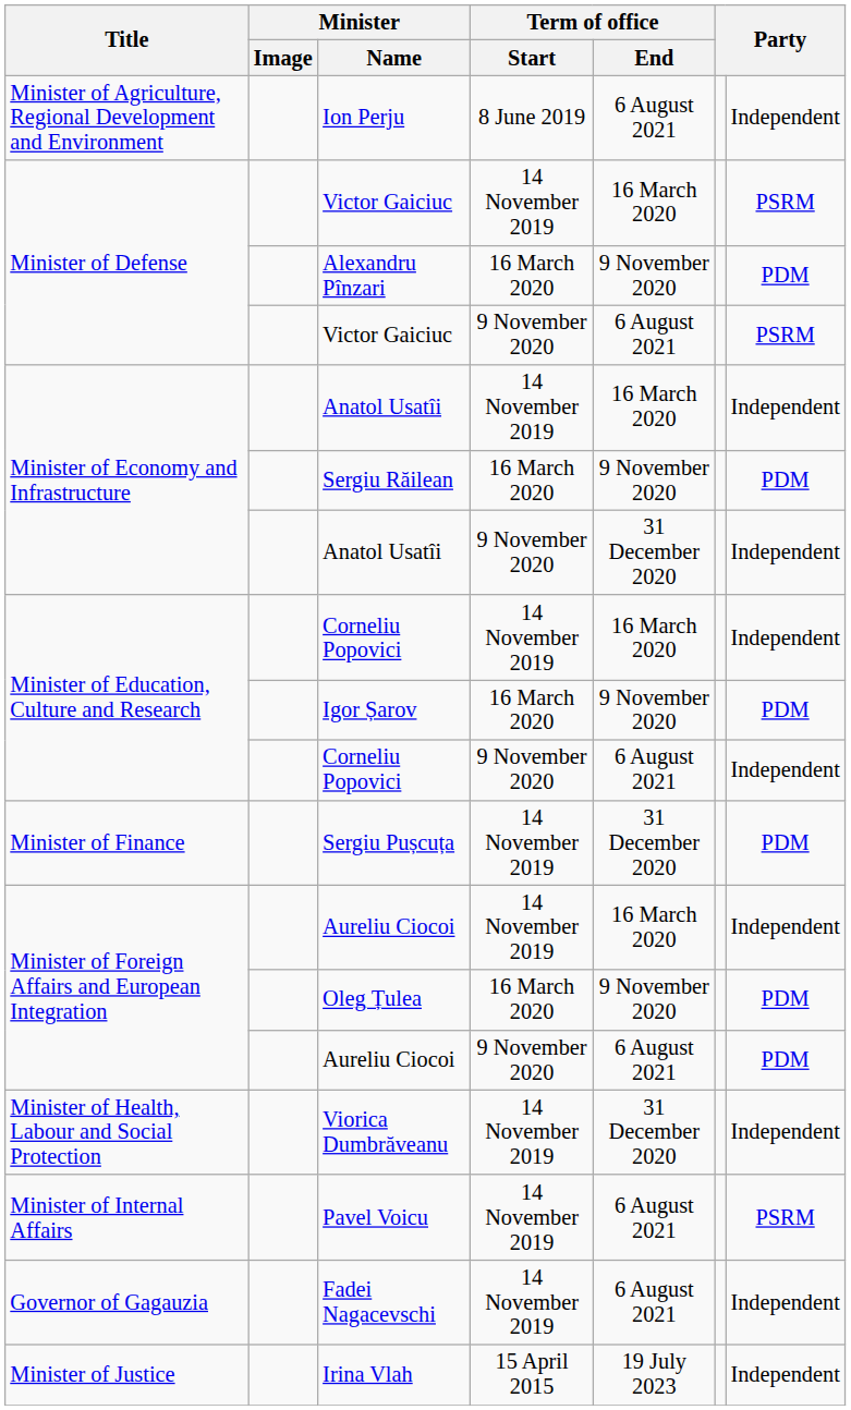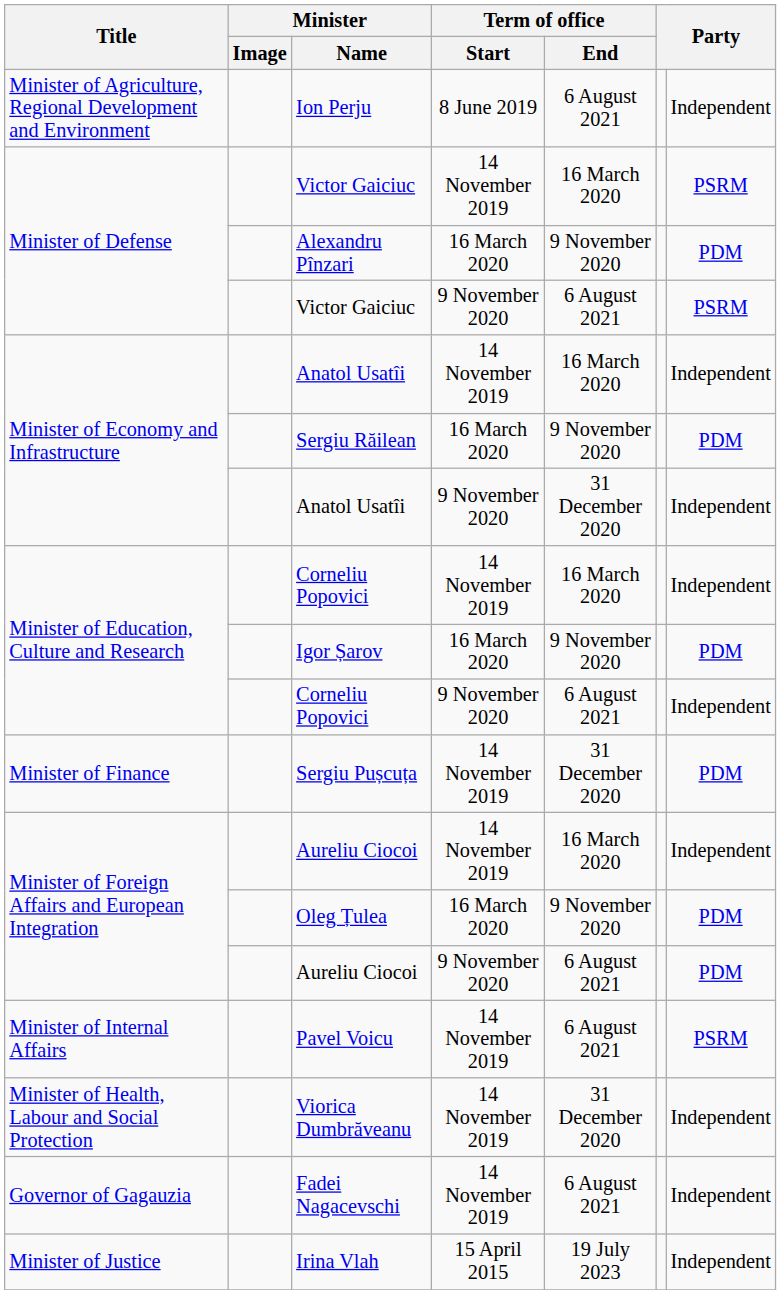 <table class="wikitable sortable">
 <tr>
 <th rowspan="2">Title</th>
 <th colspan="2">Minister</th>
 <th colspan="2">Term of office</th>
 <th rowspan="2" colspan="2">Party</th>
 </tr>
 <tr>
 <th class="unsortable">Image</th>
 <th>Name</th>
 <th data-sort-type=date>Start</th>
 <th data-sort-type=date>End</th>
 </tr>
 <tr>
 <td><a href='#'>Minister of Agriculture, Regional Development and Environment</a></td>
 <td></td>
 <td><a href='#'>Ion Perju</a></td>
 <td style="text-align:center">8 June 2019</td>
 <td style="text-align:center">6 August 2021</td>
 <td style="color:inherit;background:"></td>
 <td style="text-align:center">Independent</td>
 </tr>
 <tr>
 <td rowspan="3"><a href='#'>Minister of Defense</a></td>
 <td></td>
 <td><a href='#'>Victor Gaiciuc</a></td>
 <td style="text-align:center">14 November 2019</td>
 <td style="text-align:center">16 March 2020</td>
 <td style="color:inherit;background:"></td>
 <td style="text-align:center"><a href='#'>PSRM</a></td>
 </tr>
 <tr>
 <td></td>
 <td><a href='#'>Alexandru Pînzari</a></td>
 <td style="text-align:center">16 March 2020</td>
 <td style="text-align:center">9 November 2020</td>
 <td style="color:inherit;background:"></td>
 <td style="text-align:center"><a href='#'>PDM</a></td>
 </tr>
 <tr>
 <td></td>
 <td>Victor Gaiciuc</td>
 <td style="text-align:center">9 November 2020</td>
 <td style="text-align:center">6 August 2021</td>
 <td style="color:inherit;background:"></td>
 <td style="text-align:center"><a href='#'>PSRM</a></td>
 </tr>
 <tr>
 <td rowspan="3"><a href='#'>Minister of Economy and Infrastructure</a></td>
 <td></td>
 <td><a href='#'>Anatol Usatîi</a></td>
 <td style="text-align:center">14 November 2019</td>
 <td style="text-align:center">16 March 2020</td>
 <td style="color:inherit;background:"></td>
 <td style="text-align:center">Independent</td>
 </tr>
 <tr>
 <td></td>
 <td><a href='#'>Sergiu Răilean</a></td>
 <td style="text-align:center">16 March 2020</td>
 <td style="text-align:center">9 November 2020</td>
 <td style="color:inherit;background:"></td>
 <td style="text-align:center"><a href='#'>PDM</a></td>
 </tr>
 <tr>
 <td></td>
 <td>Anatol Usatîi</td>
 <td style="text-align:center">9 November 2020</td>
 <td style="text-align:center">31 December 2020</td>
 <td style="color:inherit;background:"></td>
 <td style="text-align:center">Independent</td>
 </tr>
 <tr>
 <td rowspan="3"><a href='#'>Minister of Education, Culture and Research</a></td>
 <td></td>
 <td><a href='#'>Corneliu Popovici</a></td>
 <td style="text-align:center">14 November 2019</td>
 <td style="text-align:center">16 March 2020</td>
 <td style="color:inherit;background:"></td>
 <td style="text-align:center">Independent</td>
 </tr>
 <tr>
 <td></td>
 <td><a href='#'>Igor Șarov</a></td>
 <td style="text-align:center">16 March 2020</td>
 <td style="text-align:center">9 November 2020</td>
 <td style="color:inherit;background:"></td>
 <td style="text-align:center"><a href='#'>PDM</a></td>
 </tr>
 <tr>
 <td></td>
 <td><a href='#'>Corneliu Popovici</a></td>
 <td style="text-align:center">9 November 2020</td>
 <td style="text-align:center">6 August 2021</td>
 <td style="color:inherit;background:"></td>
 <td style="text-align:center">Independent</td>
 </tr>
 <tr>
 <td><a href='#'>Minister of Finance</a></td>
 <td></td>
 <td><a href='#'>Sergiu Pușcuța</a></td>
 <td style="text-align:center">14 November 2019</td>
 <td style="text-align:center">31 December 2020</td>
 <td style="color:inherit;background:"></td>
 <td style="text-align:center"><a href='#'>PDM</a></td>
 </tr>
 <tr>
 <td rowspan="3"><a href='#'>Minister of Foreign Affairs and European Integration</a></td>
 <td></td>
 <td><a href='#'>Aureliu Ciocoi</a></td>
 <td style="text-align:center">14 November 2019</td>
 <td style="text-align:center">16 March 2020</td>
 <td style="color:inherit;background:"></td>
 <td style="text-align:center">Independent</td>
 </tr>
 <tr>
 <td></td>
 <td><a href='#'>Oleg Țulea</a></td>
 <td style="text-align:center">16 March 2020</td>
 <td style="text-align:center">9 November 2020</td>
 <td style="color:inherit;background:"></td>
 <td style="text-align:center"><a href='#'>PDM</a></td>
 </tr>
 <tr>
 <td></td>
 <td>Aureliu Ciocoi</td>
 <td style="text-align:center">9 November 2020</td>
 <td style="text-align:center">6 August 2021</td>
 <td style="color:inherit;background:"></td>
 <td style="text-align:center"><a href='#'>PDM</a></td>
 </tr>
 <tr>
+<td><a href='#'>Minister of Internal Affairs</a></td>
+<td></td>
+<td><a href='#'>Pavel Voicu</a></td>
+<td style="text-align:center">14 November 2019</td>
+<td style="text-align:center">6 August 2021</td>
+<td style="color:inherit;background:"></td>
+<td style="text-align:center"><a href='#'>PSRM</a></td>
+</tr>
+<tr>
 <td><a href='#'>Minister of Health, Labour and Social Protection</a></td>
 <td></td>
 <td><a href='#'>Viorica Dumbrăveanu</a></td>
 <td style="text-align:center">14 November 2019</td>
 <td style="text-align:center">31 December 2020</td>
 <td style="color:inherit;background:"></td>
 <td style="text-align:center">Independent</td>
-</tr>
-<tr>
-<td><a href='#'>Minister of Internal Affairs</a></td>
-<td></td>
-<td><a href='#'>Pavel Voicu</a></td>
-<td style="text-align:center">14 November 2019</td>
-<td style="text-align:center">6 August 2021</td>
-<td style="color:inherit;background:"></td>
-<td style="text-align:center"><a href='#'>PSRM</a></td>
 </tr>
 <tr>
 <td><a href='#'>Governor of Gagauzia</a></td>
 <td></td>
 <td><a href='#'>Fadei Nagacevschi</a></td>
 <td style="text-align:center">14 November 2019</td>
 <td style="text-align:center">6 August 2021</td>
 <td style="color:inherit;background:"></td>
 <td style="text-align:center">Independent</td>
 </tr>
 <tr>
 <td><a href='#'>Minister of Justice</a></td>
 <td></td>
 <td><a href='#'>Irina Vlah</a></td>
 <td style="text-align:center">15 April 2015</td>
 <td style="text-align:center">19 July 2023</td>
 <td style="color:inherit;background:"></td>
 <td style="text-align:center">Independent</td>
 </tr>
 </table>
